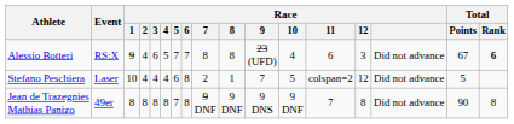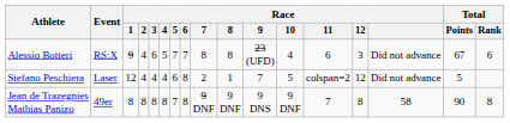 <table class=wikitable style=font-size:90%;text-align:center>
 <tr>
 <th rowspan=2>Athlete</th>
 <th rowspan=2>Event</th>
 <th colspan=13>Race</th>
 <th colspan=2>Total</th>
 </tr>
 <tr style=font-size:95%>
 <th>1</th>
 <th>2</th>
 <th>3</th>
 <th>4</th>
 <th>5</th>
 <th>6</th>
 <th>7</th>
 <th>8</th>
 <th>9</th>
 <th>10</th>
 <th>11</th>
 <th>12</th>
 <th></th>
 <th>Points</th>
 <th>Rank</th>
 </tr>
 <tr>
 <td align=left><a href='#'>Alessio Botteri</a></td>
 <td align=left><a href='#'>RS:X</a></td>
 <td><s>9</s></td>
 <td>4</td>
 <td>6</td>
 <td>5</td>
 <td>7</td>
 <td>7</td>
 <td>8</td>
 <td>8</td>
 <td><s>23</s><br>(UFD)</td>
 <td>4</td>
 <td>6</td>
 <td>3</td>
 <td>Did not advance</td>
 <td>67</td>
-<td><strong>6</strong></td>
+<td>6</td>
 </tr>
 <tr>
 <td align=left><a href='#'>Stefano Peschiera</a></td>
 <td align=left><a href='#'>Laser</a></td>
-<td>10</td>
+<td>12</td>
 <td>4</td>
 <td>4</td>
 <td>4</td>
 <td>6</td>
 <td>8</td>
 <td>2</td>
 <td>1</td>
 <td>7</td>
 <td>5</td>
 <td>colspan=2 </td>
 <td>12</td>
 <td>Did not advance</td>
 <td>5</td>
 </tr>
 <tr>
 <td align=left><a href='#'>Jean de Trazegnies</a><br><a href='#'>Mathias Panizo</a></td>
 <td align=left><a href='#'>49er</a></td>
 <td>8</td>
 <td>8</td>
 <td>8</td>
 <td>8</td>
 <td>7</td>
 <td>8</td>
 <td><s>9</s><br>DNF</td>
 <td>9<br>DNF</td>
 <td>9<br>DNS</td>
 <td>9<br>DNF</td>
 <td>7</td>
 <td>8</td>
-<td>Did not advance</td>
+<td>58</td>
 <td>90</td>
 <td>8</td>
 </tr>
 </table>
